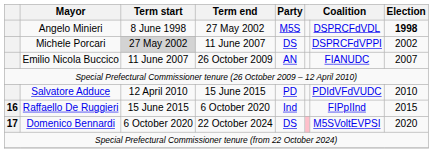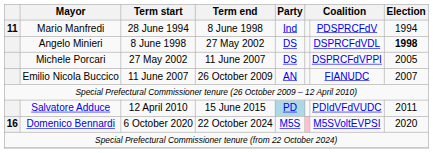 <table class="wikitable" style="text-align: center;">
 <tr>
 <th class=unsortable> </th>
 <th>Mayor</th>
 <th>Term start</th>
 <th>Term end</th>
 <th>Party</th>
 <th colspan="2">Coalition</th>
 <th>Election</th>
 </tr>
 <tr>
+<th style="background:">11</th>
+<td>Mario Manfredi</td>
+<td align=center>28 June 1994</td>
+<td align=center>8 June 1998</td>
+<td><a href='#'>Ind</a></td>
+<td style="background: "></td>
+<td><a href='#'>PDS</a><a href='#'>PRC</a><a href='#'>FdV</a></td>
+<td>1994</td>
+</tr>
+<tr>
 <th style="background:"></th>
 <td>Angelo Minieri</td>
 <td align=center>8 June 1998</td>
 <td align=center>27 May 2002</td>
-<td><a href='#'>M5S</a></td>
+<td><a href='#'>DS</a></td>
 <td style="background: "></td>
 <td><a href='#'>DS</a><a href='#'>PRC</a><a href='#'>FdV</a><a href='#'>DL</a></td>
 <td><strong>1998</strong></td>
 </tr>
 <tr>
 <th style="background:"></th>
 <td>Michele Porcari</td>
-<td align=center style="background: lightgrey;">27 May 2002</td>
+<td align=center>27 May 2002</td>
 <td align=center>11 June 2007</td>
 <td><a href='#'>DS</a></td>
 <td style="background: "></td>
 <td><a href='#'>DS</a><a href='#'>PRC</a><a href='#'>FdV</a><a href='#'>PPI</a></td>
-<td>2002</td>
+<td>2005</td>
 </tr>
 <tr>
 <th style="background:"></th>
 <td>Emilio Nicola Buccico</td>
 <td align=center>11 June 2007</td>
 <td align=center>26 October 2009</td>
 <td><a href='#'>AN</a></td>
 <td style="background: "></td>
 <td><a href='#'>FI</a><a href='#'>AN</a><a href='#'>UDC</a></td>
 <td>2007</td>
 </tr>
 <tr>
 <td colspan="8"><small><em>Special Prefectural Commissioner tenure (26 October 2009 – 12 April 2010)</em></small></td>
 </tr>
 <tr>
 <th style="background:"></th>
 <td><a href='#'>Salvatore Adduce</a></td>
 <td align=center>12 April 2010</td>
 <td align=center>15 June 2015</td>
-<td><a href='#'>PD</a></td>
+<td style="background: lightblue;"><a href='#'>PD</a></td>
 <td style="background: "></td>
 <td><a href='#'>PD</a><a href='#'>IdV</a><a href='#'>FdV</a><a href='#'>UDC</a></td>
-<td>2010</td>
+<td>2011</td>
 </tr>
 <tr>
 <th style="background:">16</th>
-<td><a href='#'>Raffaello De Ruggieri</a></td>
-<td align=center>15 June 2015</td>
-<td align=center>6 October 2020</td>
-<td><a href='#'>Ind</a></td>
-<td style="background: "></td>
-<td><a href='#'>FI</a><a href='#'>PpI</a><a href='#'>Ind</a></td>
-<td>2015</td>
-</tr>
-<tr>
-<th style="background:">17</th>
 <td><a href='#'>Domenico Bennardi</a></td>
 <td align=center>6 October 2020</td>
 <td align=center>22 October 2024</td>
-<td><a href='#'>DS</a></td>
+<td><a href='#'>M5S</a></td>
 <td style="background:pink;"></td>
 <td><a href='#'>M5S</a><a href='#'>Volt</a><a href='#'>EV</a><a href='#'>PSI</a></td>
 <td>2020</td>
 </tr>
 <tr>
 <td colspan="8"><small><em>Special Prefectural Commissioner tenure (from 22 October 2024)</em></small></td>
 </tr>
 <tr>
 </tr>
 </table>
